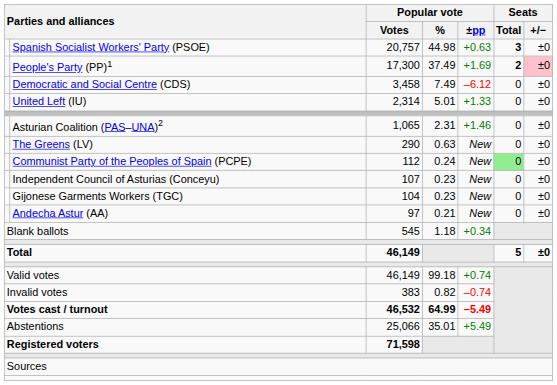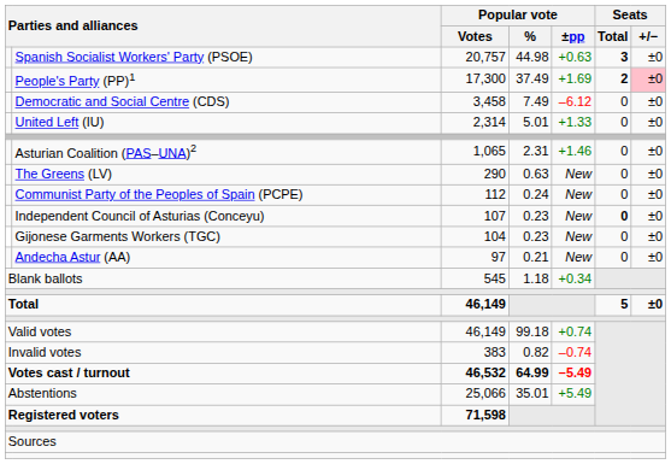 <table class="wikitable" style="text-align:right;">
 <tr>
 <th style="text-align:left;" rowspan="2" colspan="2" width="525">Parties and alliances</th>
 <th colspan="3">Popular vote</th>
 <th colspan="2">Seats</th>
 </tr>
 <tr>
 <th width="75">Votes</th>
 <th width="45">%</th>
 <th width="45">±<a href='#'>pp</a></th>
 <th width="35">Total</th>
 <th width="35">+/−</th>
 </tr>
 <tr>
 <td width="1" style="color:inherit;background:"></td>
 <td align="left"><a href='#'>Spanish Socialist Workers' Party</a> (PSOE)</td>
 <td>20,757</td>
 <td>44.98</td>
 <td style="color:green;">+0.63</td>
 <td><strong>3</strong></td>
 <td>±0</td>
 </tr>
 <tr>
 <td style="color:inherit;background:"></td>
 <td align="left"><a href='#'>People's Party</a> (PP)<sup>1</sup></td>
 <td>17,300</td>
 <td>37.49</td>
 <td style="color:green;">+1.69</td>
 <td><strong>2</strong></td>
 <td style="background: pink;">±0</td>
 </tr>
 <tr>
 <td style="color:inherit;background:"></td>
 <td align="left"><a href='#'>Democratic and Social Centre</a> (CDS)</td>
 <td>3,458</td>
 <td>7.49</td>
 <td style="color:red;">–6.12</td>
 <td>0</td>
 <td>±0</td>
 </tr>
 <tr>
 <td style="color:inherit;background:"></td>
 <td align="left"><a href='#'>United Left</a> (IU)</td>
 <td>2,314</td>
 <td>5.01</td>
 <td style="color:green;">+1.33</td>
 <td>0</td>
 <td>±0</td>
 </tr>
 <tr>
 <td colspan="7" bgcolor="#C0C0C0"></td>
 </tr>
 <tr>
 <td style="color:inherit;background:"></td>
 <td align="left">Asturian Coalition (<a href='#'>PAS</a>–<a href='#'>UNA</a>)<sup>2</sup></td>
 <td>1,065</td>
 <td>2.31</td>
 <td style="color:green;">+1.46</td>
 <td>0</td>
 <td>±0</td>
 </tr>
 <tr>
 <td style="color:inherit;background:"></td>
 <td align="left"><a href='#'>The Greens</a> (LV)</td>
 <td>290</td>
 <td>0.63</td>
 <td><em>New</em></td>
 <td>0</td>
 <td>±0</td>
 </tr>
 <tr>
 <td style="color:inherit;background:"></td>
 <td align="left"><a href='#'>Communist Party of the Peoples of Spain</a> (PCPE)</td>
 <td>112</td>
 <td>0.24</td>
 <td><em>New</em></td>
-<td style="background: lightgreen;">0</td>
+<td>0</td>
 <td>±0</td>
 </tr>
 <tr>
 <td style="color:inherit;background:"></td>
 <td align="left">Independent Council of Asturias (Conceyu)</td>
 <td>107</td>
 <td>0.23</td>
 <td><em>New</em></td>
-<td>0</td>
+<td><strong>0</strong></td>
 <td>±0</td>
 </tr>
 <tr>
 <td bgcolor="white"></td>
 <td align="left">Gijonese Garments Workers (TGC)</td>
 <td>104</td>
 <td>0.23</td>
 <td><em>New</em></td>
 <td>0</td>
 <td>±0</td>
 </tr>
 <tr>
 <td style="color:inherit;background:"></td>
 <td align="left"><a href='#'>Andecha Astur</a> (AA)</td>
 <td>97</td>
 <td>0.21</td>
 <td><em>New</em></td>
 <td>0</td>
 <td>±0</td>
 </tr>
 <tr>
 <td align="left" colspan="2">Blank ballots</td>
 <td>545</td>
 <td>1.18</td>
 <td style="color:green;">+0.34</td>
 <td bgcolor="#E9E9E9" colspan="2"></td>
 </tr>
 <tr>
 <td colspan="7" bgcolor="#E9E9E9"></td>
 </tr>
 <tr style="font-weight:bold;">
 <td align="left" colspan="2">Total</td>
 <td>46,149</td>
 <td bgcolor="#E9E9E9" colspan="2"></td>
 <td>5</td>
 <td>±0</td>
 </tr>
 <tr>
 <td colspan="7" bgcolor="#E9E9E9"></td>
 </tr>
 <tr>
 <td align="left" colspan="2">Valid votes</td>
 <td>46,149</td>
 <td>99.18</td>
 <td style="color:green;">+0.74</td>
 <td bgcolor="#E9E9E9" colspan="2" rowspan="5"></td>
 </tr>
 <tr>
 <td align="left" colspan="2">Invalid votes</td>
 <td>383</td>
 <td>0.82</td>
 <td style="color:red;">–0.74</td>
 </tr>
 <tr style="font-weight:bold;">
 <td align="left" colspan="2">Votes cast / turnout</td>
 <td>46,532</td>
 <td>64.99</td>
 <td style="color:red;">–5.49</td>
 </tr>
 <tr>
 <td align="left" colspan="2">Abstentions</td>
 <td>25,066</td>
 <td>35.01</td>
 <td style="color:green;">+5.49</td>
 </tr>
 <tr style="font-weight:bold;">
 <td align="left" colspan="2">Registered voters</td>
 <td>71,598</td>
 <td bgcolor="#E9E9E9" colspan="2"></td>
 </tr>
 <tr>
 <td colspan="7" bgcolor="#E9E9E9"></td>
 </tr>
 <tr>
 <td align="left" colspan="7">Sources</td>
 </tr>
 <tr>
 <td colspan="7" style="text-align:left; max-width:790px;"></td>
 </tr>
 </table>
